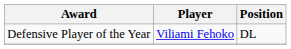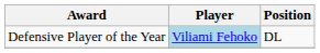 <table class="wikitable" border="0">
 <tr>
 <th>Award</th>
 <th>Player</th>
 <th>Position</th>
 </tr>
 <tr>
 <td>Defensive Player of the Year</td>
-<td><a href='#'>Viliami Fehoko</a></td>
+<td style="background: lightblue;"><a href='#'>Viliami Fehoko</a></td>
 <td>DL</td>
 </tr>
 <tr>
 </tr>
 </table>
